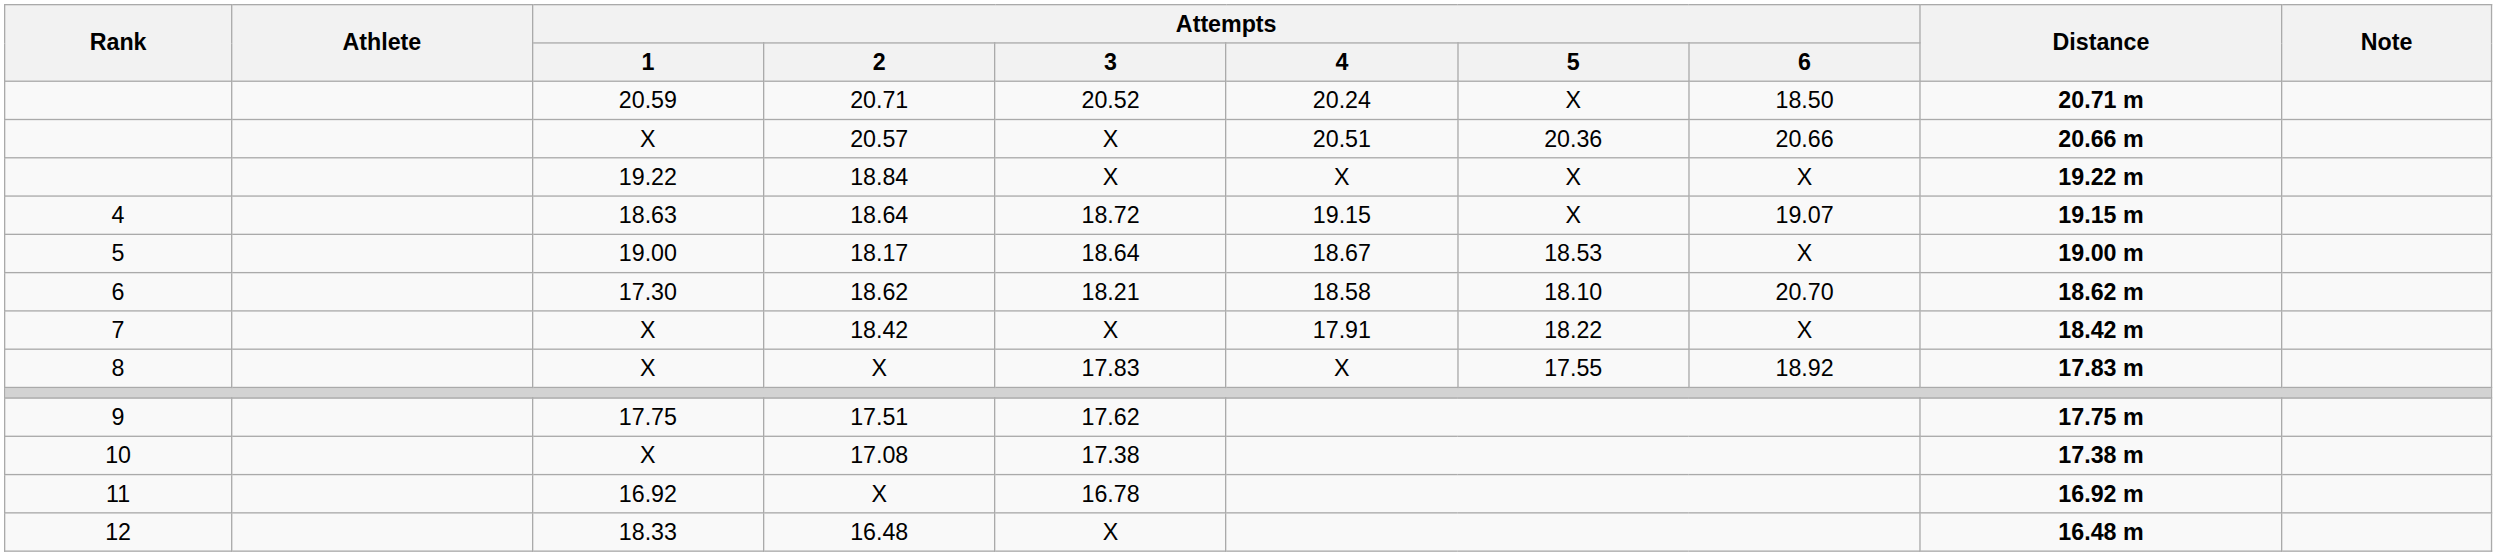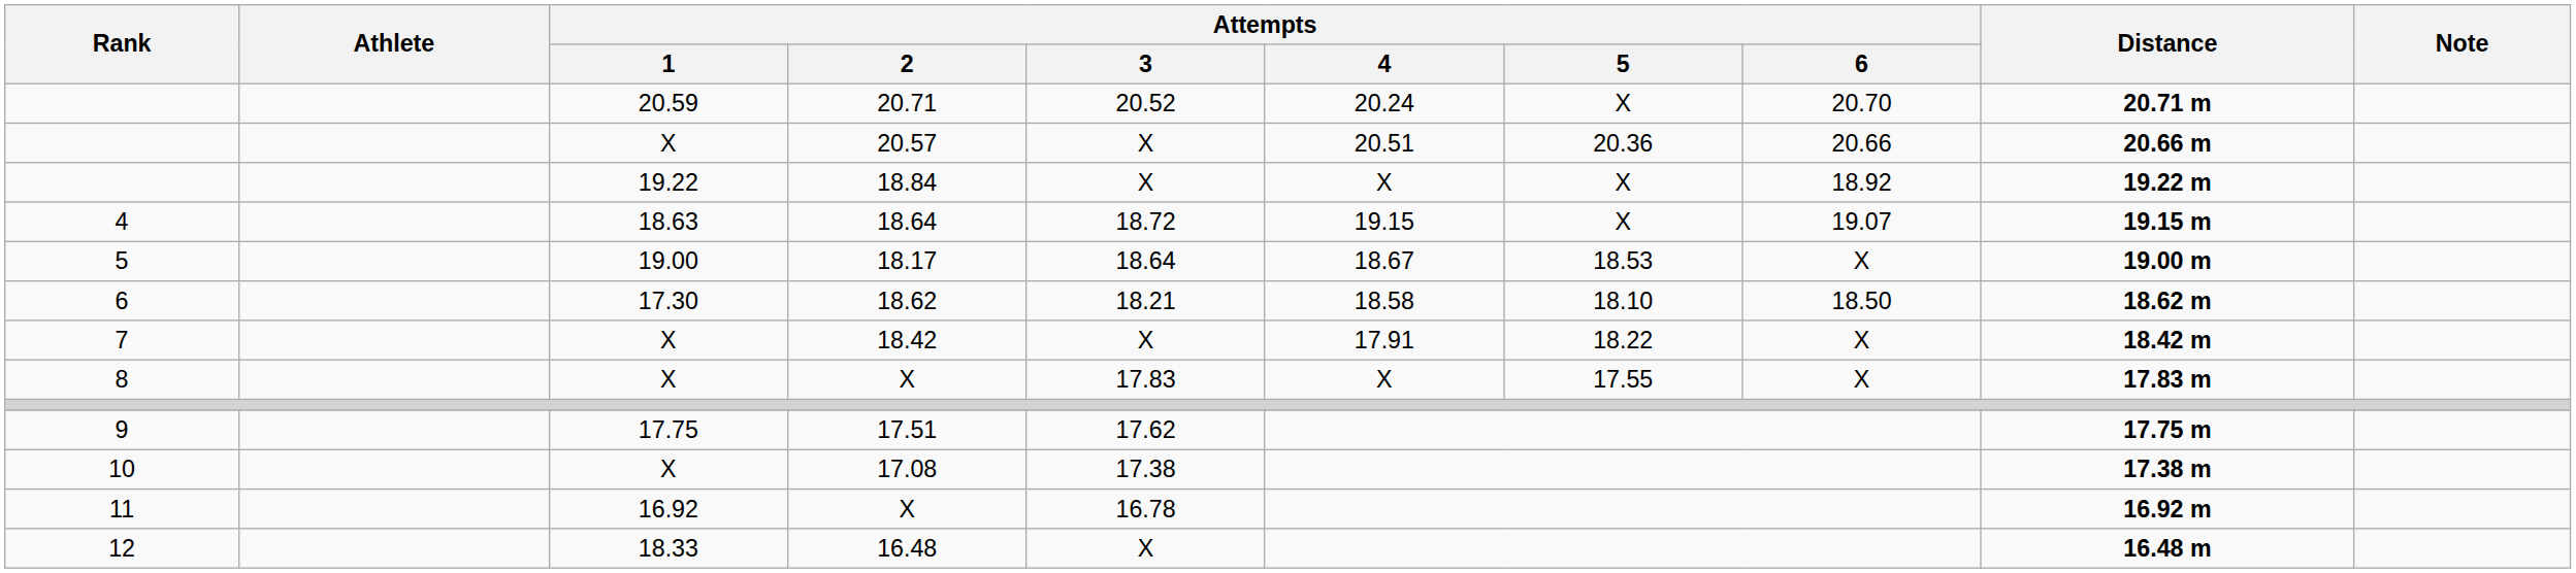 <table class="wikitable" style=" text-align:center; font-size:110%;" width="95%">
 <tr>
 <th rowspan="2">Rank</th>
 <th rowspan="2">Athlete</th>
 <th colspan="6">Attempts</th>
 <th rowspan="2">Distance</th>
 <th rowspan="2">Note</th>
 </tr>
 <tr>
 <th>1</th>
 <th>2</th>
 <th>3</th>
 <th>4</th>
 <th>5</th>
 <th>6</th>
 </tr>
 <tr>
 <td></td>
 <td align=left></td>
 <td>20.59</td>
 <td>20.71</td>
 <td>20.52</td>
 <td>20.24</td>
 <td>X</td>
-<td>18.50</td>
+<td>20.70</td>
 <td><strong>20.71 m</strong></td>
 <td></td>
 </tr>
 <tr>
 <td></td>
 <td align=left></td>
 <td>X</td>
 <td>20.57</td>
 <td>X</td>
 <td>20.51</td>
 <td>20.36</td>
 <td>20.66</td>
 <td><strong>20.66 m</strong></td>
 <td></td>
 </tr>
 <tr>
 <td></td>
 <td align=left></td>
 <td>19.22</td>
 <td>18.84</td>
 <td>X</td>
 <td>X</td>
 <td>X</td>
-<td>X</td>
+<td>18.92</td>
 <td><strong>19.22 m</strong></td>
 <td></td>
 </tr>
 <tr>
 <td>4</td>
 <td align=left></td>
 <td>18.63</td>
 <td>18.64</td>
 <td>18.72</td>
 <td>19.15</td>
 <td>X</td>
 <td>19.07</td>
 <td><strong>19.15 m</strong></td>
 <td></td>
 </tr>
 <tr>
 <td>5</td>
 <td align=left></td>
 <td>19.00</td>
 <td>18.17</td>
 <td>18.64</td>
 <td>18.67</td>
 <td>18.53</td>
 <td>X</td>
 <td><strong>19.00 m</strong></td>
 <td></td>
 </tr>
 <tr>
 <td>6</td>
 <td align=left></td>
 <td>17.30</td>
 <td>18.62</td>
 <td>18.21</td>
 <td>18.58</td>
 <td>18.10</td>
-<td>20.70</td>
+<td>18.50</td>
 <td><strong>18.62 m</strong></td>
 <td></td>
 </tr>
 <tr>
 <td>7</td>
 <td align=left></td>
 <td>X</td>
 <td>18.42</td>
 <td>X</td>
 <td>17.91</td>
 <td>18.22</td>
 <td>X</td>
 <td><strong>18.42 m</strong></td>
 <td></td>
 </tr>
 <tr>
 <td>8</td>
 <td align=left></td>
 <td>X</td>
 <td>X</td>
 <td>17.83</td>
 <td>X</td>
 <td>17.55</td>
-<td>18.92</td>
+<td>X</td>
 <td><strong>17.83 m</strong></td>
 <td></td>
 </tr>
 <tr>
 <td colspan=10 bgcolor=lightgray></td>
 </tr>
 <tr>
 <td>9</td>
 <td align=left></td>
 <td>17.75</td>
 <td>17.51</td>
 <td>17.62</td>
 <td colspan=3></td>
 <td><strong>17.75 m</strong></td>
 <td></td>
 </tr>
 <tr>
 <td>10</td>
 <td align=left></td>
 <td>X</td>
 <td>17.08</td>
 <td>17.38</td>
 <td colspan=3></td>
 <td><strong>17.38 m</strong></td>
 <td></td>
 </tr>
 <tr>
 <td>11</td>
 <td align=left></td>
 <td>16.92</td>
 <td>X</td>
 <td>16.78</td>
 <td colspan=3></td>
 <td><strong>16.92 m</strong></td>
 <td></td>
 </tr>
 <tr>
 <td>12</td>
 <td align=left></td>
 <td>18.33</td>
 <td>16.48</td>
 <td>X</td>
 <td colspan=3></td>
 <td><strong>16.48 m</strong></td>
 <td></td>
 </tr>
 </table>
